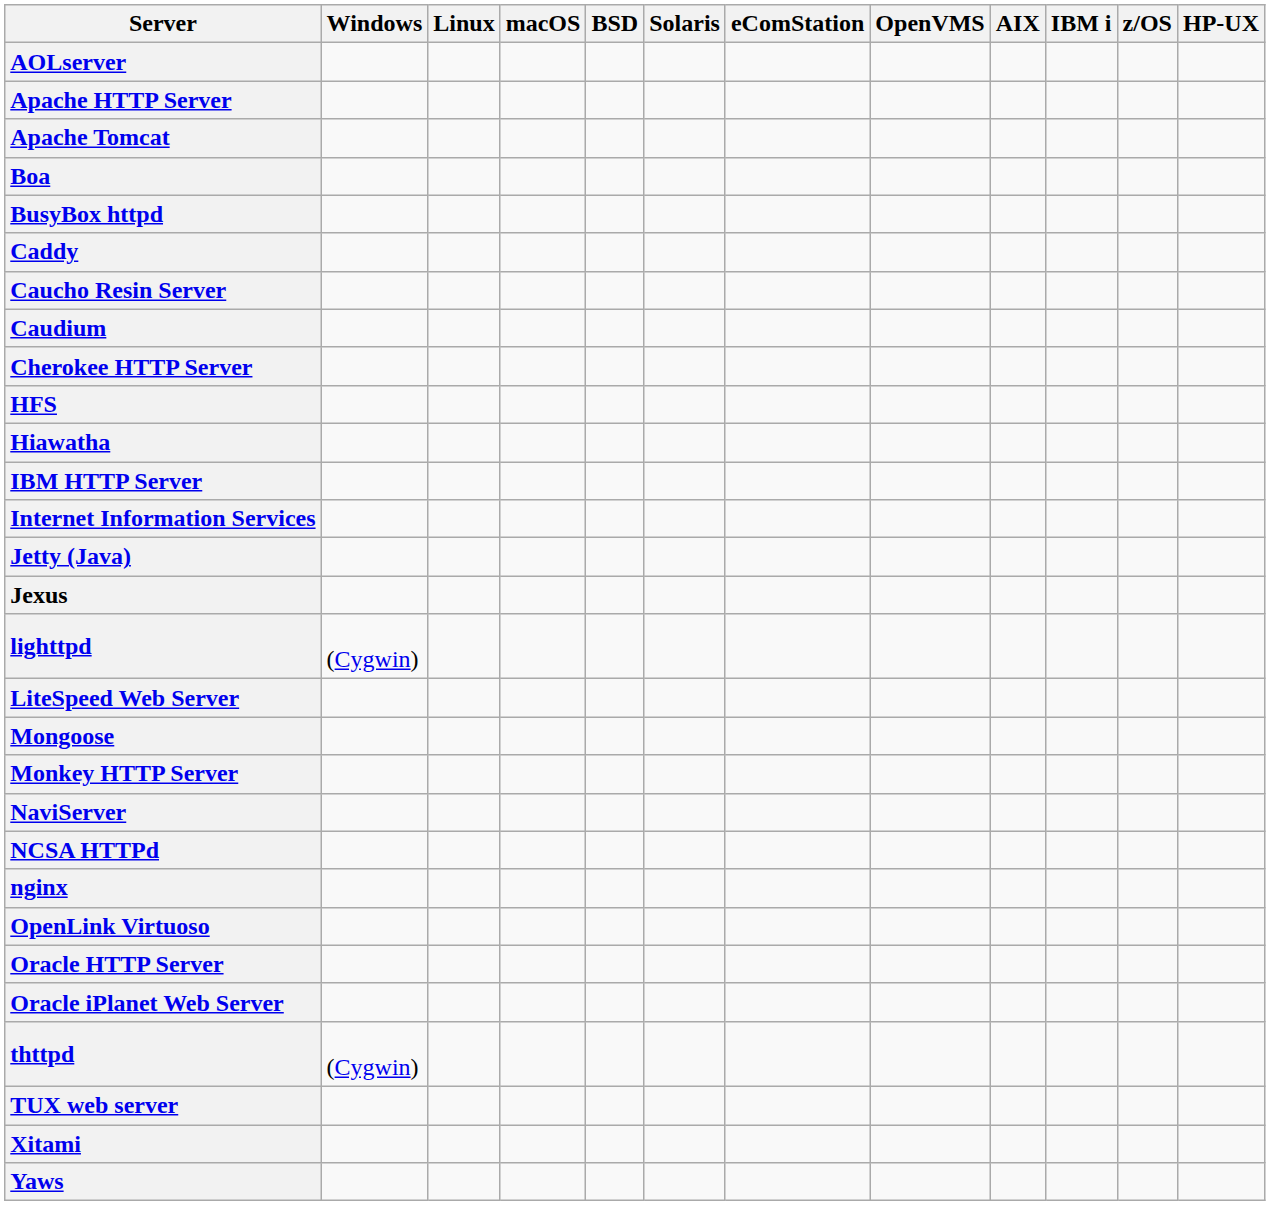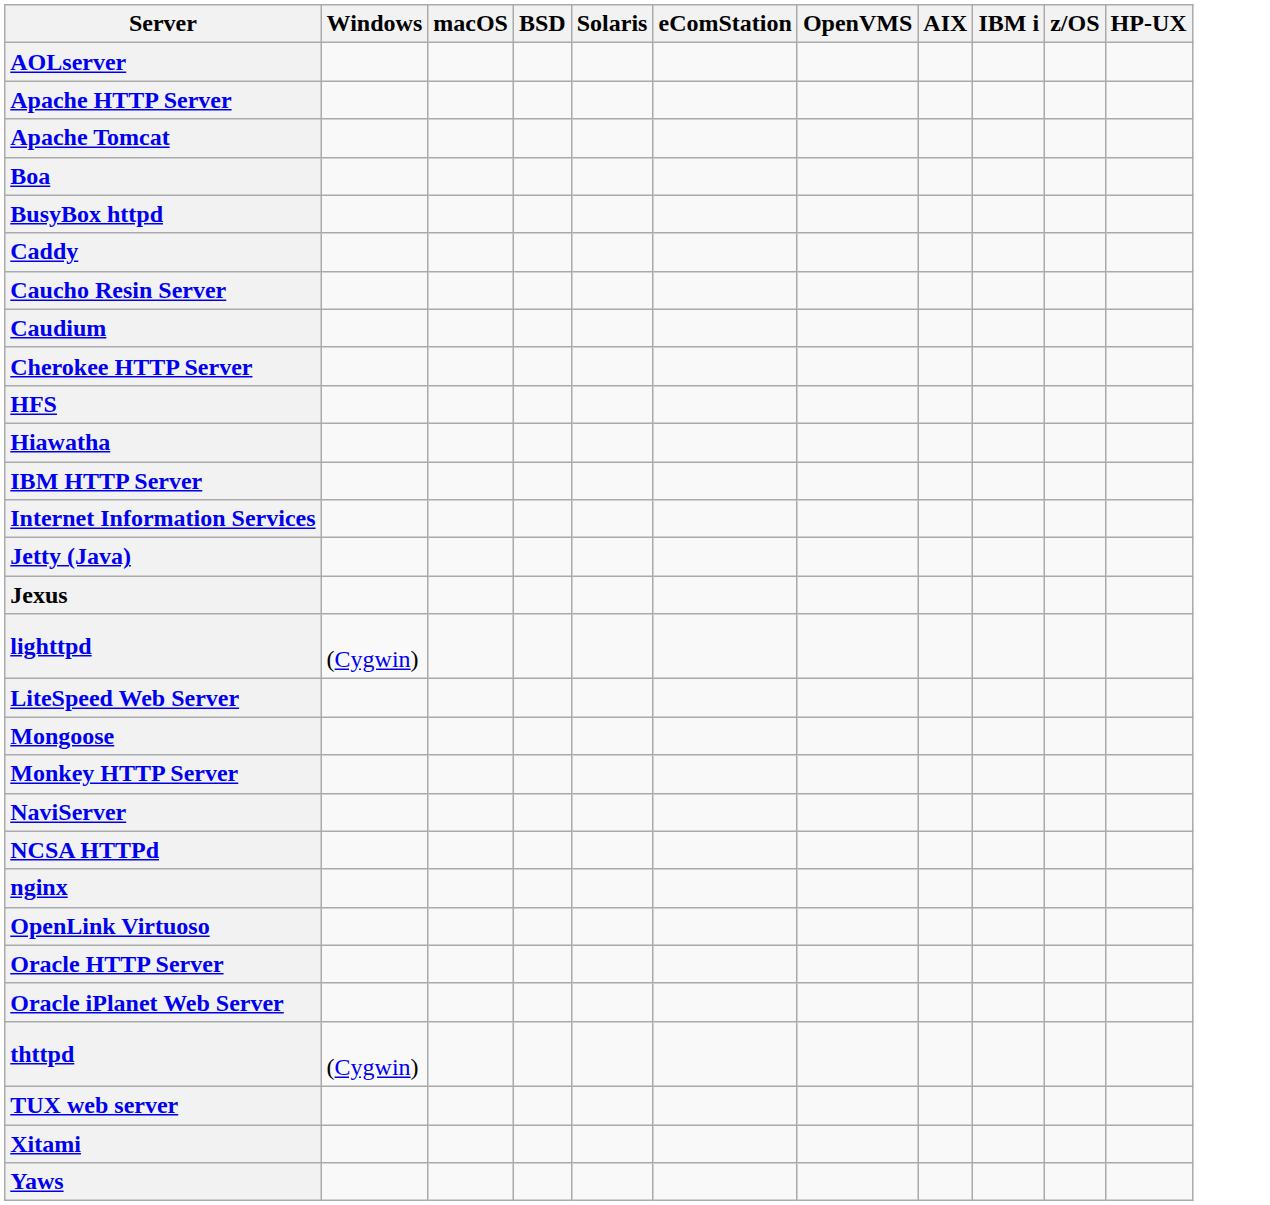 <table class="wikitable sortable sort-under sticky-header">
 <tr>
 <th>Server</th>
 <th>Windows</th>
-<th>Linux</th>
 <th>macOS</th>
 <th>BSD</th>
 <th>Solaris</th>
 <th>eComStation</th>
 <th>OpenVMS</th>
 <th>AIX</th>
 <th>IBM i</th>
 <th>z/OS</th>
 <th>HP-UX</th>
 </tr>
 <tr>
 <th style="text-align: left"><a href='#'>AOLserver</a></th>
-<td></td>
 <td></td>
 <td></td>
 <td></td>
 <td></td>
 <td></td>
 <td></td>
 <td></td>
 <td></td>
 <td></td>
 <td></td>
 </tr>
 <tr>
 <th style="text-align: left"><a href='#'>Apache HTTP Server</a></th>
 <td></td>
 <td></td>
 <td></td>
 <td></td>
 <td></td>
 <td></td>
 <td></td>
 <td></td>
 <td></td>
 <td></td>
-<td></td>
 </tr>
 <tr>
 <th style="text-align: left"><a href='#'>Apache Tomcat</a></th>
-<td></td>
 <td></td>
 <td></td>
 <td></td>
 <td></td>
 <td></td>
 <td></td>
 <td></td>
 <td></td>
 <td></td>
 <td></td>
 </tr>
 <tr>
 <th style="text-align: left"><a href='#'>Boa</a></th>
 <td></td>
 <td></td>
 <td></td>
 <td></td>
 <td></td>
 <td></td>
 <td></td>
 <td></td>
 <td></td>
 <td></td>
-<td></td>
 </tr>
 <tr>
 <th style="text-align: left"><a href='#'>BusyBox httpd</a></th>
-<td></td>
 <td></td>
 <td></td>
 <td></td>
 <td></td>
 <td></td>
 <td></td>
 <td></td>
 <td></td>
 <td></td>
 <td></td>
 </tr>
 <tr>
 <th style="text-align: left"><a href='#'>Caddy</a></th>
 <td></td>
 <td></td>
 <td></td>
 <td></td>
 <td></td>
 <td></td>
 <td></td>
 <td></td>
 <td></td>
 <td></td>
-<td></td>
 </tr>
 <tr>
 <th style="text-align: left"><a href='#'>Caucho Resin Server</a></th>
-<td></td>
 <td></td>
 <td></td>
 <td></td>
 <td></td>
 <td></td>
 <td></td>
 <td></td>
 <td></td>
 <td></td>
 <td></td>
 </tr>
 <tr>
 <th style="text-align: left"><a href='#'>Caudium</a></th>
 <td></td>
 <td></td>
 <td></td>
 <td></td>
 <td></td>
 <td></td>
 <td></td>
 <td></td>
 <td></td>
 <td></td>
-<td></td>
 </tr>
 <tr>
 <th style="text-align: left"><a href='#'>Cherokee HTTP Server</a></th>
-<td></td>
 <td></td>
 <td></td>
 <td></td>
 <td></td>
 <td></td>
 <td></td>
 <td></td>
 <td></td>
 <td></td>
 <td></td>
 </tr>
 <tr>
 <th style="text-align: left"><a href='#'>HFS</a></th>
 <td></td>
 <td></td>
 <td></td>
 <td></td>
 <td></td>
 <td></td>
 <td></td>
 <td></td>
 <td></td>
 <td></td>
-<td></td>
 </tr>
 <tr>
 <th style="text-align: left"><a href='#'>Hiawatha</a></th>
-<td></td>
 <td></td>
 <td></td>
 <td></td>
 <td></td>
 <td></td>
 <td></td>
 <td></td>
 <td></td>
 <td></td>
 <td></td>
 </tr>
 <tr>
 <th style="text-align: left"><a href='#'>IBM HTTP Server</a></th>
 <td></td>
 <td></td>
 <td></td>
 <td></td>
 <td></td>
 <td></td>
 <td></td>
 <td></td>
 <td></td>
 <td></td>
-<td></td>
 </tr>
 <tr>
 <th style="text-align: left"><a href='#'>Internet Information Services</a></th>
-<td></td>
 <td></td>
 <td></td>
 <td></td>
 <td></td>
 <td></td>
 <td></td>
 <td></td>
 <td></td>
 <td></td>
 <td></td>
 </tr>
 <tr>
 <th style="text-align: left"><a href='#'>Jetty (Java)</a></th>
 <td></td>
 <td></td>
 <td></td>
 <td></td>
 <td></td>
 <td></td>
 <td></td>
 <td></td>
 <td></td>
 <td></td>
-<td></td>
 </tr>
 <tr>
 <th style="text-align: left">Jexus</th>
-<td></td>
 <td></td>
 <td></td>
 <td></td>
 <td></td>
 <td></td>
 <td></td>
 <td></td>
 <td></td>
 <td></td>
 <td></td>
 </tr>
 <tr>
 <th style="text-align: left"><a href='#'>lighttpd</a></th>
 <td><br>(<a href='#'>Cygwin</a>)</td>
 <td></td>
 <td></td>
 <td></td>
 <td></td>
 <td></td>
 <td></td>
 <td></td>
 <td></td>
 <td></td>
-<td></td>
 </tr>
 <tr>
 <th style="text-align: left"><a href='#'>LiteSpeed Web Server</a></th>
-<td></td>
 <td></td>
 <td></td>
 <td></td>
 <td></td>
 <td></td>
 <td></td>
 <td></td>
 <td></td>
 <td></td>
 <td></td>
 </tr>
 <tr>
 <th style="text-align: left"><a href='#'>Mongoose</a></th>
 <td></td>
 <td></td>
 <td></td>
 <td></td>
 <td></td>
 <td></td>
 <td></td>
 <td></td>
 <td></td>
 <td></td>
-<td></td>
 </tr>
 <tr>
 <th style="text-align: left"><a href='#'>Monkey HTTP Server</a></th>
-<td></td>
 <td></td>
 <td></td>
 <td></td>
 <td></td>
 <td></td>
 <td></td>
 <td></td>
 <td></td>
 <td></td>
 <td></td>
 </tr>
 <tr>
 <th style="text-align: left"><a href='#'>NaviServer</a></th>
 <td></td>
 <td></td>
 <td></td>
 <td></td>
 <td></td>
 <td></td>
 <td></td>
 <td></td>
 <td></td>
 <td></td>
-<td></td>
 </tr>
 <tr>
 <th style="text-align: left"><a href='#'>NCSA HTTPd</a></th>
-<td></td>
 <td></td>
 <td></td>
 <td></td>
 <td></td>
 <td></td>
 <td></td>
 <td></td>
 <td></td>
 <td></td>
 <td></td>
 </tr>
 <tr>
 <th style="text-align: left"><a href='#'>nginx</a></th>
 <td></td>
 <td></td>
 <td></td>
 <td></td>
 <td></td>
 <td></td>
 <td></td>
 <td></td>
 <td></td>
 <td></td>
-<td></td>
 </tr>
 <tr>
 <th style="text-align: left"><a href='#'>OpenLink Virtuoso</a></th>
-<td></td>
 <td></td>
 <td></td>
 <td></td>
 <td></td>
 <td></td>
 <td></td>
 <td></td>
 <td></td>
 <td></td>
 <td></td>
 </tr>
 <tr>
 <th style="text-align: left"><a href='#'>Oracle HTTP Server</a></th>
 <td></td>
 <td></td>
 <td></td>
 <td></td>
 <td></td>
 <td></td>
 <td></td>
 <td></td>
 <td></td>
 <td></td>
-<td></td>
 </tr>
 <tr>
 <th style="text-align: left"><a href='#'>Oracle iPlanet Web Server</a></th>
-<td></td>
 <td></td>
 <td></td>
 <td></td>
 <td></td>
 <td></td>
 <td></td>
 <td></td>
 <td></td>
 <td></td>
 <td></td>
 </tr>
 <tr>
 <th style="text-align: left"><a href='#'>thttpd</a></th>
 <td><br>(<a href='#'>Cygwin</a>)</td>
 <td></td>
 <td></td>
 <td></td>
 <td></td>
 <td></td>
 <td></td>
 <td></td>
 <td></td>
 <td></td>
-<td></td>
 </tr>
 <tr>
 <th style="text-align: left"><a href='#'>TUX web server</a></th>
-<td></td>
 <td></td>
 <td></td>
 <td></td>
 <td></td>
 <td></td>
 <td></td>
 <td></td>
 <td></td>
 <td></td>
 <td></td>
 </tr>
 <tr>
 <th style="text-align: left"><a href='#'>Xitami</a></th>
 <td></td>
 <td></td>
 <td></td>
 <td></td>
 <td></td>
 <td></td>
 <td></td>
 <td></td>
 <td></td>
 <td></td>
-<td></td>
 </tr>
 <tr>
 <th style="text-align: left"><a href='#'>Yaws</a></th>
 <td></td>
 <td></td>
 <td></td>
 <td></td>
 <td></td>
 <td></td>
 <td></td>
 <td></td>
 <td></td>
 <td></td>
-<td></td>
 </tr>
 </table>
